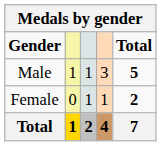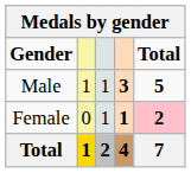 <table class="wikitable" style="font-size:95%; float:right;">
 <tr style="background:#efefef;">
 <th colspan=7>Medals by gender</th>
 </tr>
 <tr align=center>
 <td><strong>Gender</strong></td>
 <td style="background:#f7f6a8;"></td>
 <td style="background:#dce5e5;"></td>
 <td style="background:#ffdab9;"></td>
 <td><strong>Total</strong></td>
 </tr>
 <tr align=center>
 <td>Male</td>
 <td bgcolor=F7F6A8>1</td>
 <td bgcolor=DCE5E5>1</td>
-<td bgcolor=FFDAB9>3</td>
+<td bgcolor=FFDAB9><strong>3</strong></td>
 <td><strong>5</strong></td>
 </tr>
 <tr align=center>
 <td>Female</td>
 <td bgcolor=F7F6A8>0</td>
 <td bgcolor=DCE5E5>1</td>
-<td bgcolor=FFDAB9>1</td>
-<td><strong>2</strong></td>
+<td bgcolor=FFDAB9><strong>1</strong></td>
+<td style="background: pink;"><strong>2</strong></td>
 </tr>
 <tr align=center>
 <th>Total</th>
 <th style=background:gold>1</th>
 <th style=background:silver>2</th>
 <th style=background:#c96>4</th>
 <th>7</th>
 </tr>
 </table>
